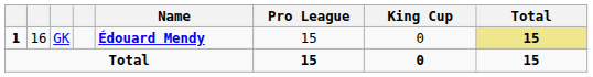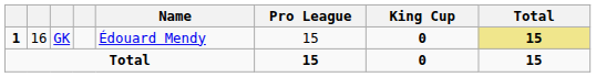 <table class="wikitable" style="text-align:center">
 <tr>
 <th width=15></th>
 <th width=15></th>
 <th width=15></th>
 <th width=15></th>
 <th width=145>Name</th>
 <th width=100>Pro League</th>
 <th width=100>King Cup</th>
 <th width=100>Total</th>
 </tr>
 <tr>
 <td><strong>1</strong></td>
 <td>16</td>
 <td><a href='#'>GK</a></td>
 <td></td>
-<td align=left><strong><a href='#'>Édouard Mendy</a></strong></td>
+<td align=left><a href='#'>Édouard Mendy</a></td>
 <td>15</td>
-<td>0</td>
+<td><strong>0</strong></td>
 <td style="background: khaki;"><strong>15</strong></td>
 </tr>
 <tr>
 <td colspan=5><strong>Total</strong></td>
 <td><strong>15</strong></td>
 <td><strong>0</strong></td>
 <td><strong>15</strong></td>
 </tr>
 </table>
